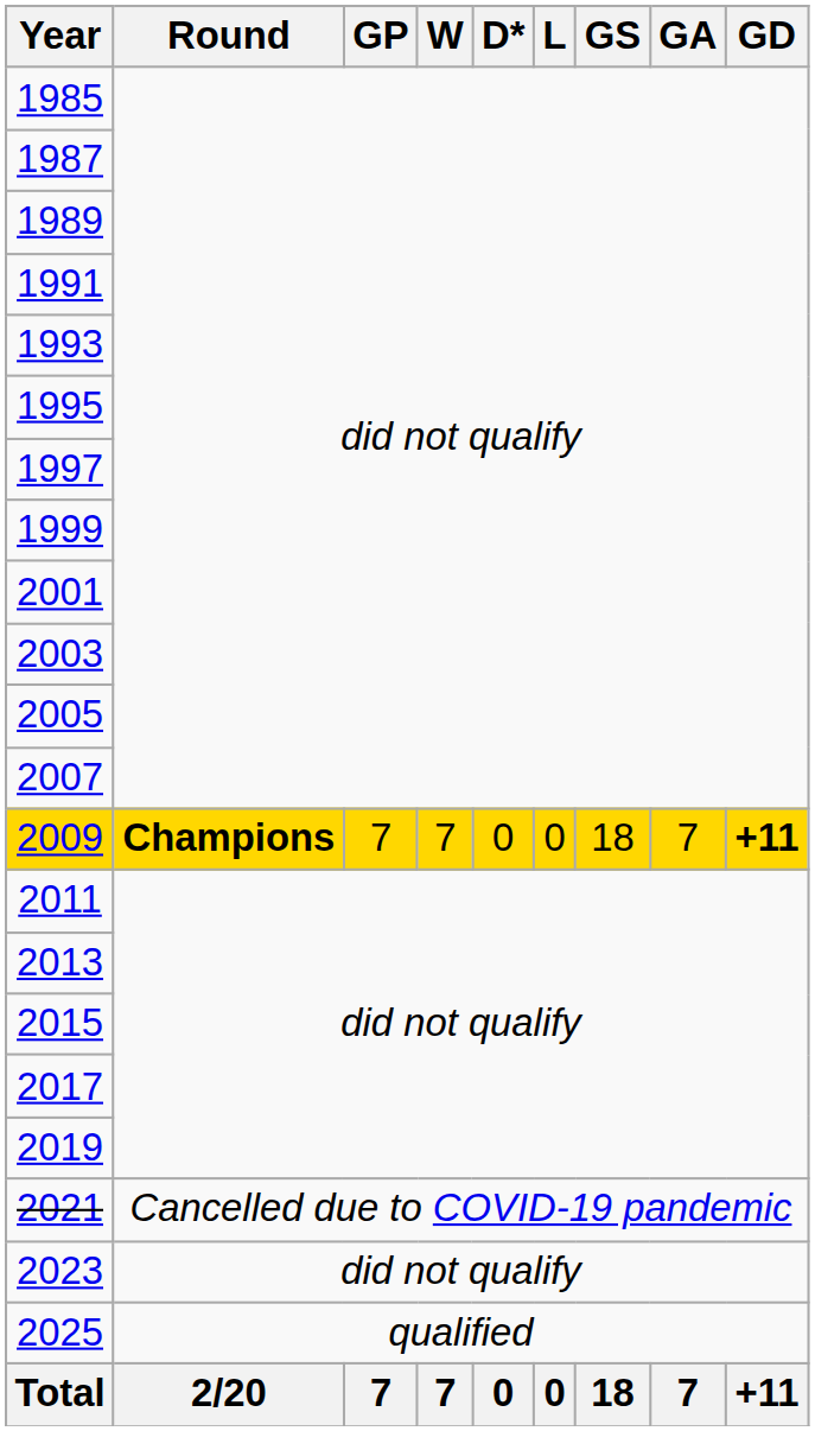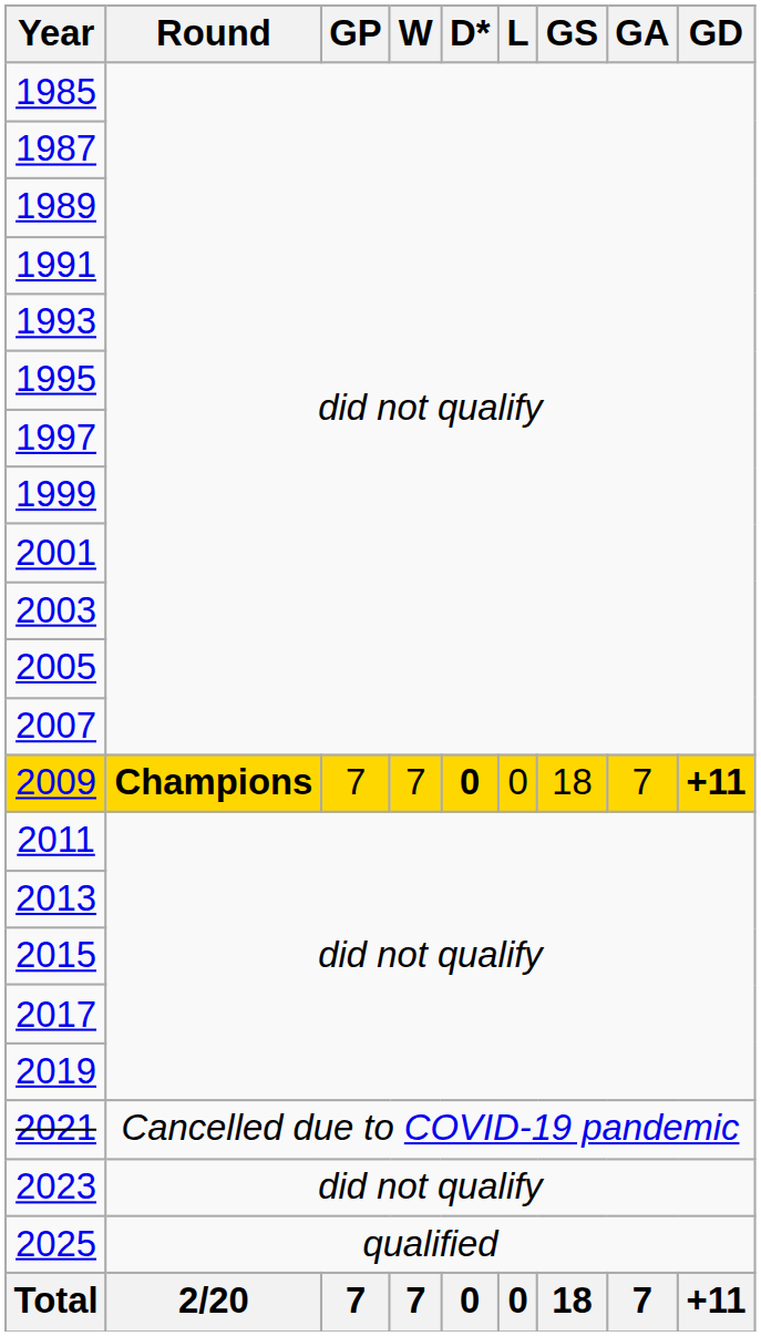 <table class="wikitable" style="text-align: center;">
 <tr>
 <th>Year</th>
 <th>Round</th>
 <th>GP</th>
 <th>W</th>
 <th>D*</th>
 <th>L</th>
 <th>GS</th>
 <th>GA</th>
 <th>GD</th>
 </tr>
 <tr>
 <td> <a href='#'>1985</a></td>
 <td rowspan=12 colspan=8><em>did not qualify</em></td>
 </tr>
 <tr>
 <td> <a href='#'>1987</a></td>
 </tr>
 <tr>
 <td> <a href='#'>1989</a></td>
 </tr>
 <tr>
 <td> <a href='#'>1991</a></td>
 </tr>
 <tr>
 <td> <a href='#'>1993</a></td>
 </tr>
 <tr>
 <td> <a href='#'>1995</a></td>
 </tr>
 <tr>
 <td> <a href='#'>1997</a></td>
 </tr>
 <tr>
 <td> <a href='#'>1999</a></td>
 </tr>
 <tr>
 <td> <a href='#'>2001</a></td>
 </tr>
 <tr>
 <td> <a href='#'>2003</a></td>
 </tr>
 <tr>
 <td> <a href='#'>2005</a></td>
 </tr>
 <tr>
 <td> <a href='#'>2007</a></td>
 </tr>
 <tr bgcolor=gold>
 <td> <a href='#'>2009</a></td>
 <td><strong>Champions</strong></td>
 <td>7</td>
 <td>7</td>
-<td>0</td>
+<td><strong>0</strong></td>
 <td>0</td>
 <td>18</td>
 <td>7</td>
 <td><strong>+11</strong></td>
 </tr>
 <tr>
 <td> <a href='#'>2011</a></td>
 <td rowspan=5 colspan=8><em>did not qualify</em></td>
 </tr>
 <tr>
 <td> <a href='#'>2013</a></td>
 </tr>
 <tr>
 <td> <a href='#'>2015</a></td>
 </tr>
 <tr>
 <td> <a href='#'>2017</a></td>
 </tr>
 <tr>
 <td> <a href='#'>2019</a></td>
 </tr>
 <tr>
 <td> <s><a href='#'>2021</a></s></td>
 <td colspan=8><em>Cancelled due to <a href='#'>COVID-19 pandemic</a></em></td>
 </tr>
 <tr>
 <td> <a href='#'>2023</a></td>
 <td colspan=8><em>did not qualify</em></td>
 </tr>
 <tr>
 <td> <a href='#'>2025</a></td>
 <td colspan=8><em>qualified</em></td>
 </tr>
 <tr>
 <th><strong>Total</strong></th>
 <th>2/20</th>
 <th>7</th>
 <th>7</th>
 <th>0</th>
 <th>0</th>
 <th>18</th>
 <th>7</th>
 <th>+11</th>
 </tr>
 </table>
